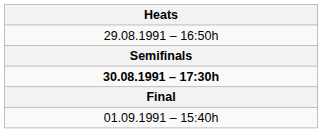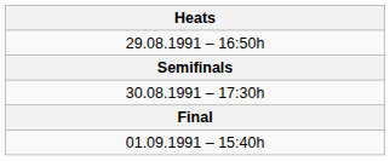 <table class="wikitable" style=" text-align:center; font-size:110%;" width="35%">
 <tr>
 <th>Heats</th>
 </tr>
 <tr>
 <td>29.08.1991 – 16:50h</td>
 </tr>
 <tr>
 <th>Semifinals</th>
 </tr>
 <tr>
-<td><strong>30.08.1991 – 17:30h</strong></td>
+<td>30.08.1991 – 17:30h</td>
 </tr>
 <tr>
 <th>Final</th>
 </tr>
 <tr>
 <td>01.09.1991 – 15:40h</td>
 </tr>
 </table>
